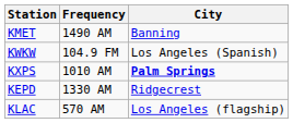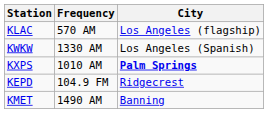 <table class="wikitable">
 <tr>
 <th>Station</th>
 <th>Frequency</th>
 <th>City</th>
 </tr>
 <tr>
-<td><a href='#'>KMET</a></td>
-<td>1490 AM</td>
-<td><a href='#'>Banning</a></td>
+<td><a href='#'>KLAC</a></td>
+<td>570 AM</td>
+<td><a href='#'>Los Angeles</a> (flagship)</td>
 </tr>
 <tr>
 <td><a href='#'>KWKW</a></td>
-<td>104.9 FM</td>
+<td>1330 AM</td>
 <td>Los Angeles (Spanish)</td>
 </tr>
 <tr>
 <td><a href='#'>KXPS</a></td>
 <td>1010 AM</td>
 <td><strong><a href='#'>Palm Springs</a></strong></td>
 </tr>
 <tr>
 <td><a href='#'>KEPD</a></td>
-<td>1330 AM</td>
+<td>104.9 FM</td>
 <td><a href='#'>Ridgecrest</a></td>
 </tr>
 <tr>
-<td><a href='#'>KLAC</a></td>
-<td>570 AM</td>
-<td><a href='#'>Los Angeles</a> (flagship)</td>
+<td><a href='#'>KMET</a></td>
+<td>1490 AM</td>
+<td><a href='#'>Banning</a></td>
 </tr>
 </table>
